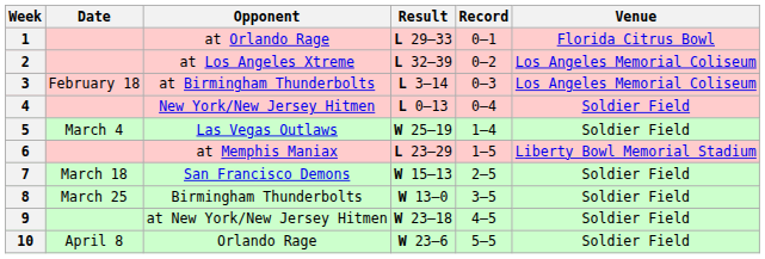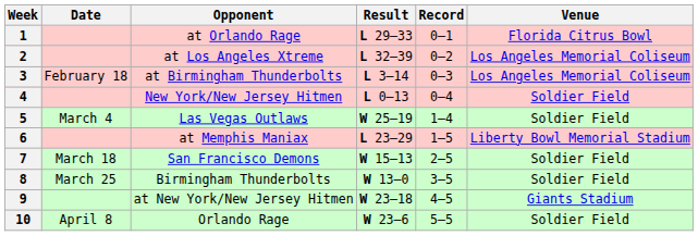 <table class="wikitable" style="text-align:center">
 <tr>
 <th>Week</th>
 <th>Date</th>
 <th>Opponent</th>
 <th>Result</th>
 <th>Record</th>
 <th>Venue</th>
 </tr>
 <tr style="background:#fcc">
 <th>1</th>
 <td></td>
 <td>at <a href='#'>Orlando Rage</a></td>
 <td><strong>L</strong> 29–33</td>
 <td>0–1</td>
 <td><a href='#'>Florida Citrus Bowl</a></td>
 </tr>
 <tr style="background:#fcc">
 <th>2</th>
 <td></td>
 <td>at <a href='#'>Los Angeles Xtreme</a></td>
 <td><strong>L</strong> 32–39 </td>
 <td>0–2</td>
 <td><a href='#'>Los Angeles Memorial Coliseum</a></td>
 </tr>
 <tr style="background:#fcc">
 <th>3</th>
 <td>February 18</td>
 <td>at <a href='#'>Birmingham Thunderbolts</a></td>
 <td><strong>L</strong> 3–14</td>
 <td>0–3</td>
 <td><a href='#'>Los Angeles Memorial Coliseum</a></td>
 </tr>
 <tr style="background:#fcc">
 <th>4</th>
 <td></td>
 <td><a href='#'>New York/New Jersey Hitmen</a></td>
 <td><strong>L</strong> 0–13</td>
 <td>0–4</td>
 <td><a href='#'>Soldier Field</a></td>
 </tr>
 <tr style="background:#cfc">
 <th>5</th>
 <td>March 4</td>
 <td><a href='#'>Las Vegas Outlaws</a></td>
 <td><strong>W</strong> 25–19</td>
 <td>1–4</td>
 <td>Soldier Field</td>
 </tr>
 <tr style="background:#fcc">
 <th>6</th>
 <td></td>
 <td>at <a href='#'>Memphis Maniax</a></td>
 <td><strong>L</strong> 23–29</td>
 <td>1–5</td>
 <td><a href='#'>Liberty Bowl Memorial Stadium</a></td>
 </tr>
 <tr style="background:#cfc">
 <th>7</th>
 <td>March 18</td>
 <td><a href='#'>San Francisco Demons</a></td>
 <td><strong>W</strong> 15–13</td>
 <td>2–5</td>
 <td>Soldier Field</td>
 </tr>
 <tr style="background:#cfc">
 <th>8</th>
 <td>March 25</td>
 <td>Birmingham Thunderbolts</td>
 <td><strong>W</strong> 13–0</td>
 <td>3–5</td>
 <td>Soldier Field</td>
 </tr>
 <tr style="background:#cfc">
 <th>9</th>
 <td></td>
 <td>at New York/New Jersey Hitmen</td>
 <td><strong>W</strong> 23–18</td>
 <td>4–5</td>
-<td>Soldier Field</td>
+<td><a href='#'>Giants Stadium</a></td>
 </tr>
 <tr style="background:#cfc">
 <th>10</th>
 <td>April 8</td>
 <td>Orlando Rage</td>
 <td><strong>W</strong> 23–6</td>
 <td>5–5</td>
 <td>Soldier Field</td>
 </tr>
 </table>
